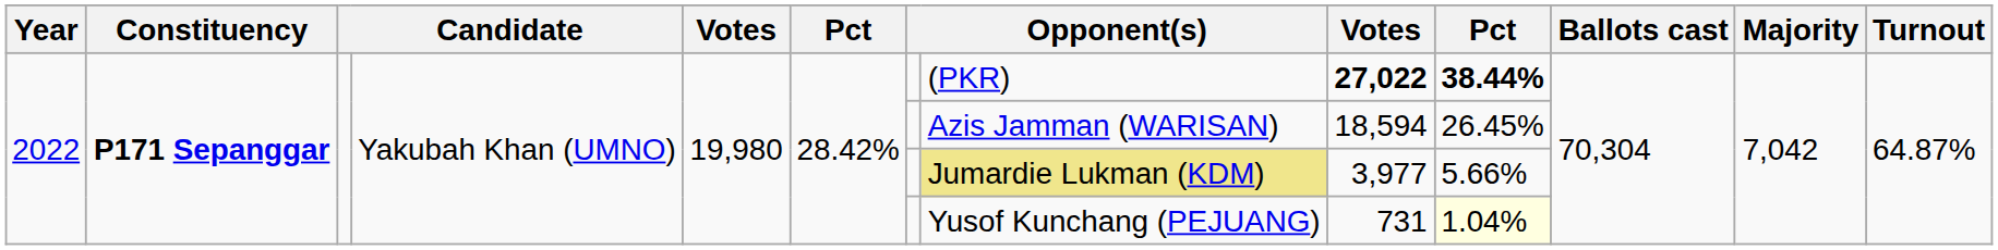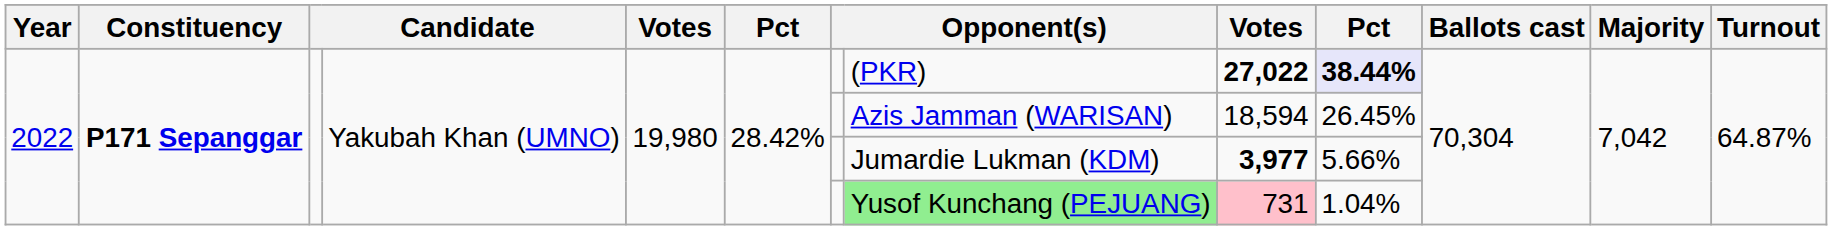 <table class="wikitable" style="margin:0.5em ; font-size:95%">
 <tr>
 <th>Year</th>
 <th>Constituency</th>
 <th colspan=2>Candidate</th>
 <th>Votes</th>
 <th>Pct</th>
 <th colspan=2>Opponent(s)</th>
 <th>Votes</th>
 <th>Pct</th>
 <th>Ballots cast</th>
 <th>Majority</th>
 <th>Turnout</th>
 </tr>
 <tr>
 <td rowspan="4"><a href='#'>2022</a></td>
 <td rowspan="4"><strong>P171 <a href='#'>Sepanggar</a></strong></td>
 <td rowspan="4" ></td>
 <td rowspan="4">Yakubah Khan (<a href='#'>UMNO</a>)</td>
 <td rowspan="4" align="right">19,980</td>
 <td rowspan="4">28.42%</td>
 <td></td>
 <td> (<a href='#'>PKR</a>)</td>
 <td align="right"><strong>27,022</strong></td>
-<td><strong>38.44%</strong></td>
+<td style="background: lavender;"><strong>38.44%</strong></td>
 <td rowspan="4">70,304</td>
 <td rowspan="4">7,042</td>
 <td rowspan="4">64.87%</td>
 </tr>
 <tr>
 <td></td>
 <td><a href='#'>Azis Jamman</a> (<a href='#'>WARISAN</a>)</td>
 <td align="right">18,594</td>
 <td>26.45%</td>
 </tr>
 <tr>
 <td></td>
-<td style="background: khaki;">Jumardie Lukman	 (<a href='#'>KDM</a>)</td>
-<td align="right">3,977</td>
+<td>Jumardie Lukman	 (<a href='#'>KDM</a>)</td>
+<td align="right"><strong>3,977</strong></td>
 <td>5.66%</td>
 </tr>
 <tr>
 <td></td>
-<td>Yusof Kunchang (<a href='#'>PEJUANG</a>)</td>
-<td align="right">731</td>
-<td style="background: lightyellow;">1.04%</td>
+<td style="background: lightgreen;">Yusof Kunchang (<a href='#'>PEJUANG</a>)</td>
+<td align="right" style="background: pink;">731</td>
+<td>1.04%</td>
 </tr>
 </table>
